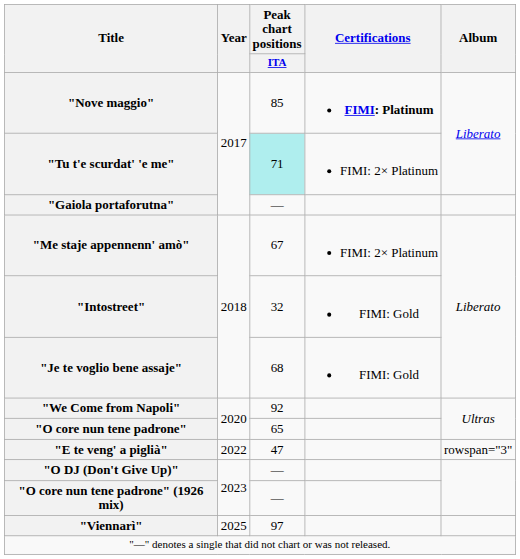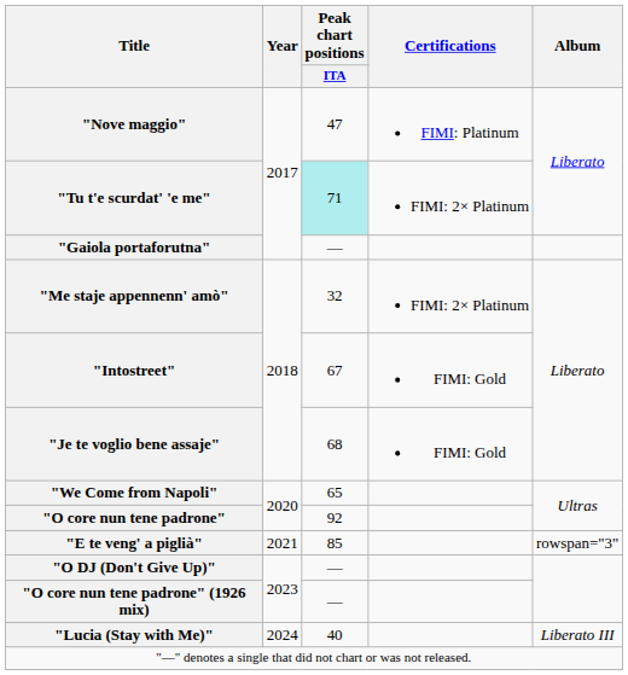 <table class="wikitable plainrowheaders" style="text-align:center;">
 <tr>
 <th rowspan="2" scope="col" style="width:16em;">Title</th>
 <th rowspan="2" scope="col" style="width:1em;">Year</th>
 <th scope="col">Peak chart positions</th>
 <th rowspan="2" scope="col"><a href='#'>Certifications</a></th>
 <th rowspan="2" scope="col">Album</th>
 </tr>
 <tr>
 <th scope="col" style="width:3em;font-size:85%;"><a href='#'>ITA</a><br></th>
 </tr>
 <tr>
 <th scope="row">"Nove maggio"</th>
 <td rowspan="3">2017</td>
-<td>85</td>
-<td><strong><br><ul><li><a href='#'>FIMI</a>: Platinum</li></ul></strong></td>
+<td>47</td>
+<td><br><ul><li><a href='#'>FIMI</a>: Platinum</li></ul></td>
 <td rowspan="2"><em><a href='#'>Liberato</a></em></td>
 </tr>
 <tr>
 <th scope="row">"Tu t'e scurdat' 'e me"</th>
 <td style="background: paleturquoise;">71</td>
 <td><br><ul><li>FIMI: 2× Platinum</li></ul></td>
 </tr>
 <tr>
 <th scope="row">"Gaiola portaforutna"</th>
 <td>—</td>
 <td></td>
 <td></td>
 </tr>
 <tr>
 <th scope="row">"Me staje appennenn' amò"</th>
 <td rowspan="3">2018</td>
-<td>67</td>
+<td>32</td>
 <td><br><ul><li>FIMI: 2× Platinum</li></ul></td>
 <td rowspan="3"><em>Liberato</em></td>
 </tr>
 <tr>
 <th scope="row">"Intostreet"</th>
-<td>32</td>
+<td>67</td>
 <td><br><ul><li>FIMI: Gold</li></ul></td>
 </tr>
 <tr>
 <th scope="row">"Je te voglio bene assaje"</th>
 <td>68</td>
 <td><br><ul><li>FIMI: Gold</li></ul></td>
 </tr>
 <tr>
 <th scope="row">"We Come from Napoli"</th>
 <td rowspan="2">2020</td>
-<td>92</td>
+<td>65</td>
 <td></td>
 <td rowspan="2"><em>Ultras</em></td>
 </tr>
 <tr>
 <th scope="row">"O core nun tene padrone"</th>
-<td>65</td>
+<td>92</td>
 <td></td>
 </tr>
 <tr>
 <th scope="row">"E te veng' a piglià"</th>
-<td>2022</td>
-<td>47</td>
+<td>2021</td>
+<td>85</td>
 <td></td>
 <td>rowspan="3" </td>
 </tr>
 <tr>
 <th scope="row">"O DJ (Don't Give Up)"</th>
 <td rowspan="2">2023</td>
 <td>—</td>
 <td></td>
 </tr>
 <tr>
 <th scope="row">"O core nun tene padrone" (1926 mix)</th>
 <td>—</td>
 <td></td>
 </tr>
 <tr>
-<th scope="row">"Viennarì"</th>
-<td>2025</td>
-<td>97<br></td>
+<th scope="row">"Lucia (Stay with Me)"</th>
+<td>2024</td>
+<td>40</td>
 <td></td>
-<td></td>
+<td><em>Liberato III</em></td>
 </tr>
 <tr>
 <td colspan="5" style="font-size:85%;">"—" denotes a single that did not chart or was not released.</td>
 </tr>
 </table>
